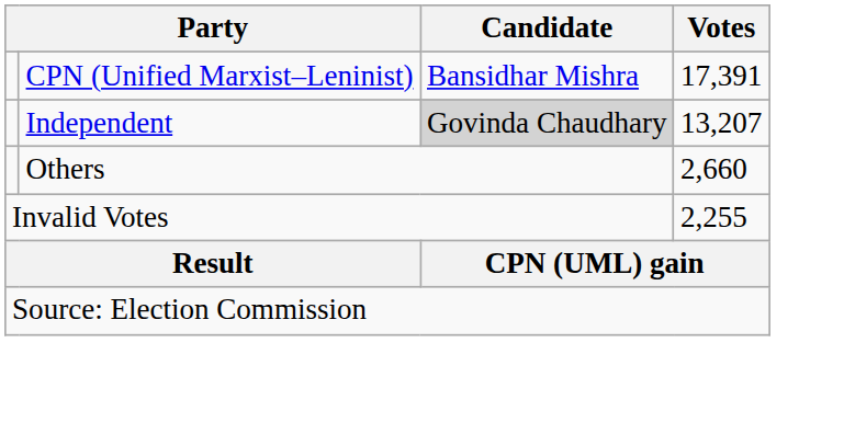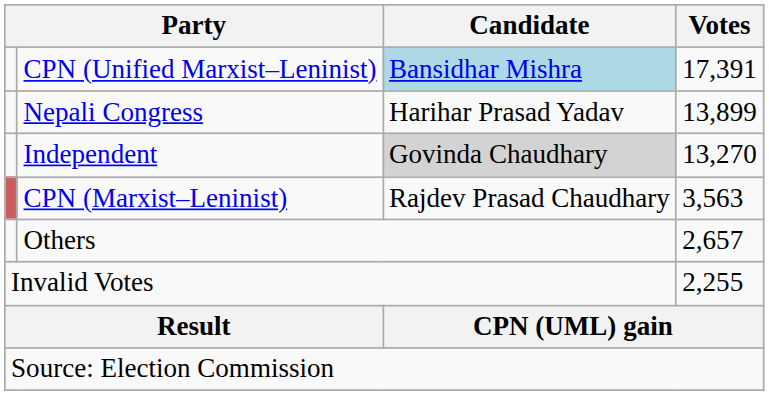 <table class="wikitable">
 <tr>
 <th colspan="2">Party</th>
 <th>Candidate</th>
 <th>Votes</th>
 </tr>
 <tr>
 <td style="background-color:"></td>
 <td><a href='#'>CPN (Unified Marxist–Leninist)</a></td>
-<td><a href='#'>Bansidhar Mishra</a></td>
+<td style="background: lightblue;"><a href='#'>Bansidhar Mishra</a></td>
 <td>17,391</td>
+</tr>
+<tr>
+<td style="background-color:"></td>
+<td><a href='#'>Nepali Congress</a></td>
+<td>Harihar Prasad Yadav</td>
+<td>13,899</td>
 </tr>
 <tr>
 <td style="background-color:"></td>
 <td><a href='#'>Independent</a></td>
 <td style="background: lightgrey;">Govinda Chaudhary</td>
-<td>13,207</td>
+<td>13,270</td>
+</tr>
+<tr>
+<td style="background-color:indianred"></td>
+<td><a href='#'>CPN (Marxist–Leninist)</a></td>
+<td>Rajdev Prasad Chaudhary</td>
+<td>3,563</td>
 </tr>
 <tr>
 <td></td>
 <td colspan="2">Others</td>
-<td>2,660</td>
+<td>2,657</td>
 </tr>
 <tr>
 <td colspan="3">Invalid Votes</td>
 <td>2,255</td>
 </tr>
 <tr>
 <th colspan="2">Result</th>
 <th colspan="2">CPN (UML) gain</th>
 </tr>
 <tr>
 <td colspan="4">Source: Election Commission</td>
 </tr>
 </table>
